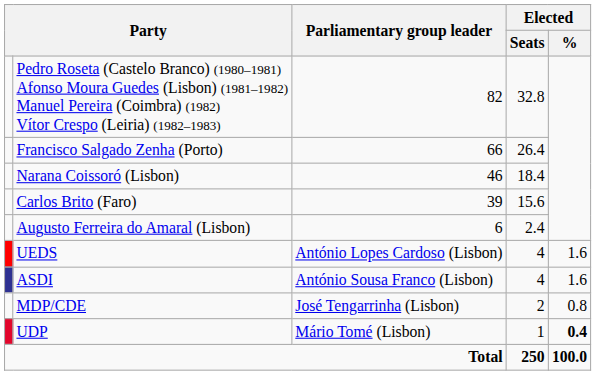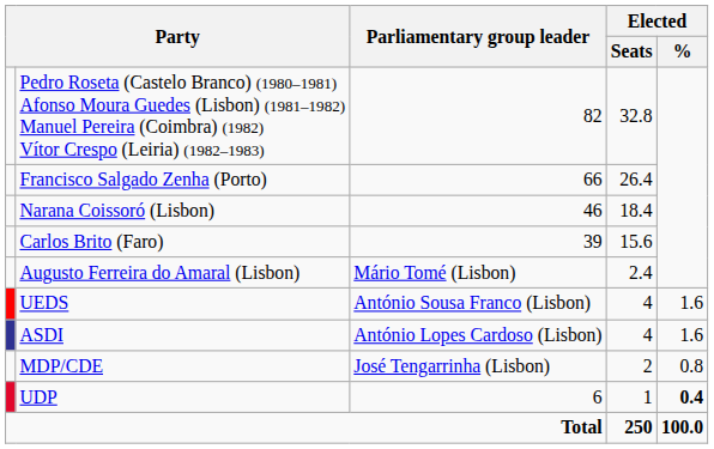 <table class="wikitable" style="text-align:right; font-size:95%;">
 <tr>
 <th colspan="2" rowspan="2">Party</th>
 <th rowspan="2">Parliamentary group leader</th>
 <th colspan="2">Elected</th>
 </tr>
 <tr>
 <th>Seats</th>
 <th>%</th>
 </tr>
 <tr>
 <td></td>
 <td align="left"><a href='#'>Pedro Roseta</a> (Castelo Branco) <small>(1980–1981)</small><br><a href='#'>Afonso Moura Guedes</a> (Lisbon) <small>(1981–1982)</small><br><a href='#'>Manuel Pereira</a> (Coimbra) <small>(1982)</small><br><a href='#'>Vítor Crespo</a> (Leiria) <small>(1982–1983)</small></td>
 <td align="right">82</td>
 <td align="right">32.8</td>
 </tr>
 <tr>
 <td></td>
 <td align="left"><a href='#'>Francisco Salgado Zenha</a> (Porto)</td>
 <td align="right">66</td>
 <td align="right">26.4</td>
 </tr>
 <tr>
 <td></td>
 <td align="left"><a href='#'>Narana Coissoró</a> (Lisbon)</td>
 <td align="right">46</td>
 <td align="right">18.4</td>
 </tr>
 <tr>
 <td></td>
 <td align="left"><a href='#'>Carlos Brito</a> (Faro)</td>
 <td align="right">39</td>
 <td align="right">15.6</td>
 </tr>
 <tr>
 <td></td>
 <td align="left"><a href='#'>Augusto Ferreira do Amaral</a> (Lisbon)</td>
-<td align="right">6</td>
+<td align="left"><a href='#'>Mário Tomé</a> (Lisbon)</td>
 <td align="right">2.4</td>
 </tr>
 <tr>
 <td style="width:1px; background:red; text-align:center;"></td>
 <td style="text-align:left;"><a href='#'>UEDS</a></td>
-<td align="left"><a href='#'>António Lopes Cardoso</a> (Lisbon)</td>
+<td align="left"><a href='#'>António Sousa Franco</a> (Lisbon)</td>
 <td align="right">4</td>
 <td align="right">1.6</td>
 </tr>
 <tr>
 <td style="width:1px; background:#2E3191; text-align:center;"></td>
 <td style="text-align:left;"><a href='#'>ASDI</a></td>
-<td align="left"><a href='#'>António Sousa Franco</a> (Lisbon)</td>
+<td align="left"><a href='#'>António Lopes Cardoso</a> (Lisbon)</td>
 <td align="right">4</td>
 <td align="right">1.6</td>
 </tr>
 <tr>
 <td style="width:1px; background:"></td>
 <td style="text-align:left;"><a href='#'>MDP/CDE</a></td>
 <td align="left"><a href='#'>José Tengarrinha</a> (Lisbon)</td>
 <td align="right">2</td>
 <td align="right">0.8</td>
 </tr>
 <tr>
 <td style="background:#E2062C;"></td>
 <td style="text-align:left;"><a href='#'>UDP</a></td>
-<td align="left"><a href='#'>Mário Tomé</a> (Lisbon)</td>
+<td align="right">6</td>
 <td align="right">1</td>
 <td align="right"><strong>0.4</strong></td>
 </tr>
 <tr>
 <td colspan="3"> <strong>Total</strong></td>
 <td align="right"><strong>250</strong></td>
 <td align="right"><strong>100.0</strong></td>
 </tr>
 </table>
